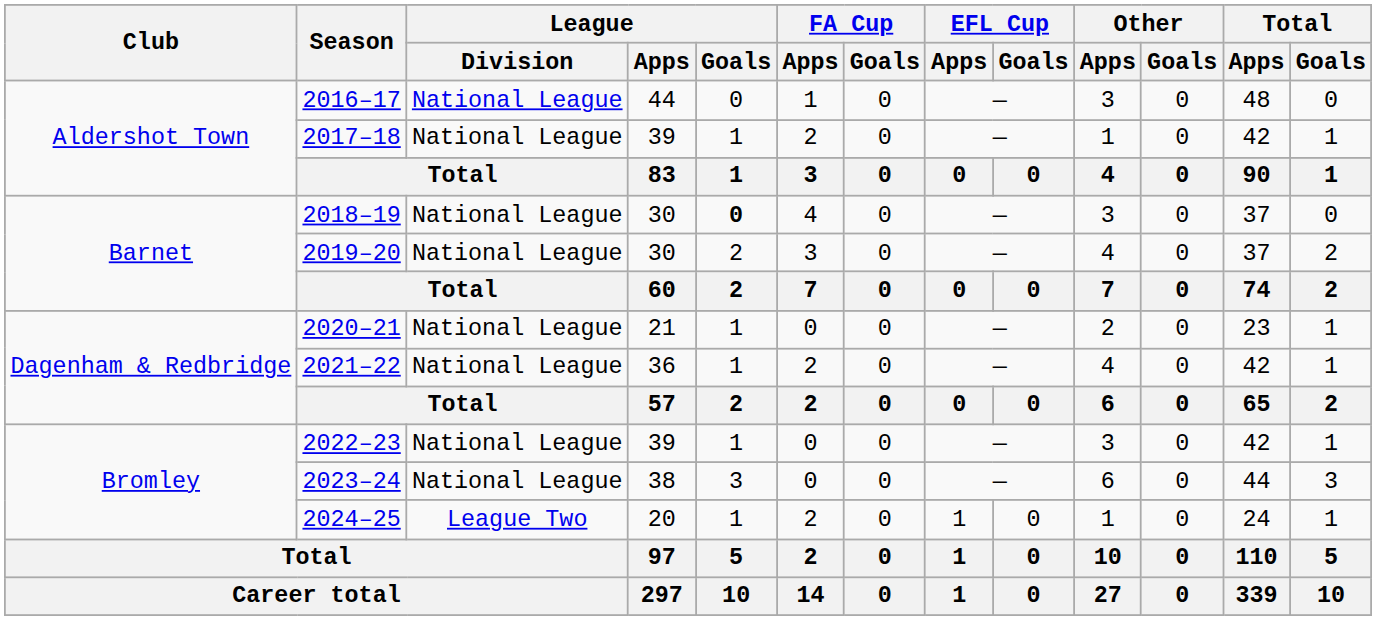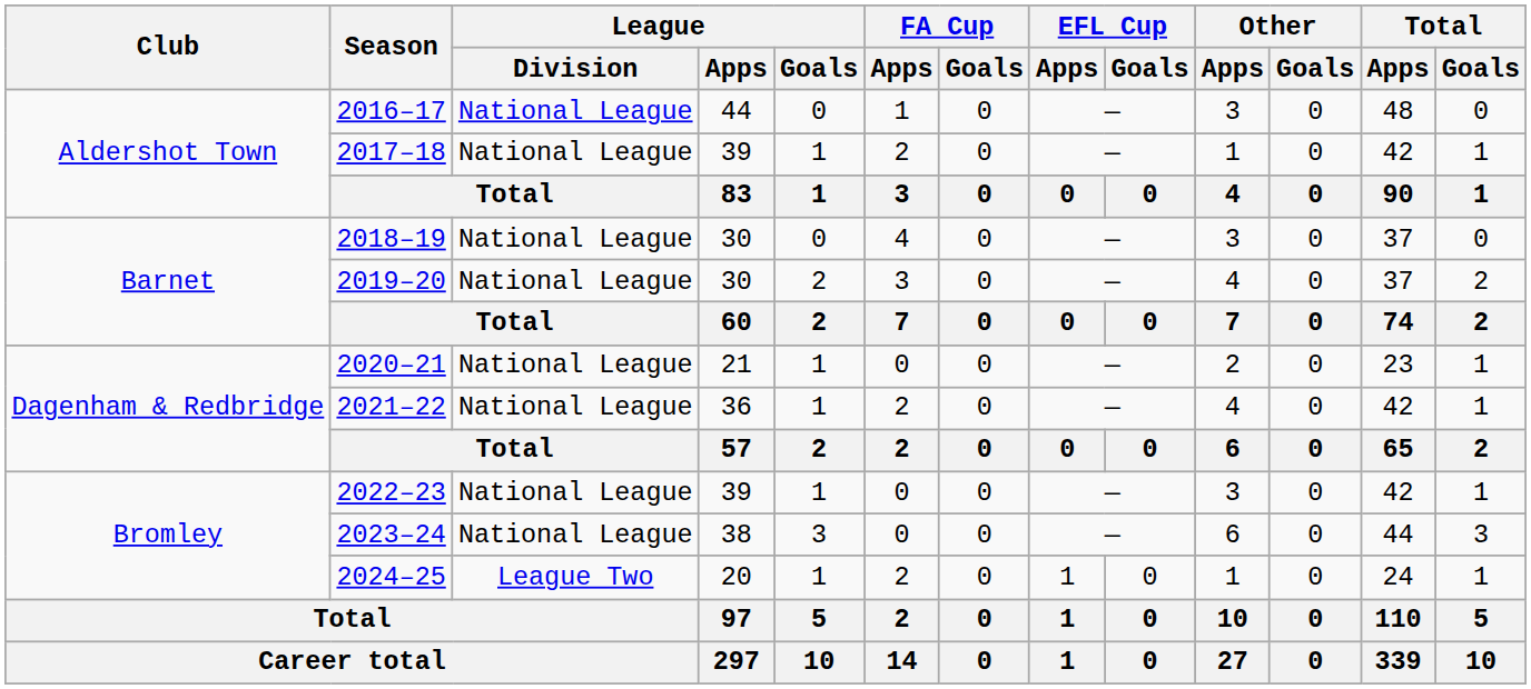 <table class="wikitable" style="text-align: center;">
 <tr>
 <th rowspan=2>Club</th>
 <th rowspan=2>Season</th>
 <th colspan=3>League</th>
 <th colspan=2><a href='#'>FA Cup</a></th>
 <th colspan=2><a href='#'>EFL Cup</a></th>
 <th colspan=2>Other</th>
 <th colspan=2>Total</th>
 </tr>
 <tr>
 <th>Division</th>
 <th>Apps</th>
 <th>Goals</th>
 <th>Apps</th>
 <th>Goals</th>
 <th>Apps</th>
 <th>Goals</th>
 <th>Apps</th>
 <th>Goals</th>
 <th>Apps</th>
 <th>Goals</th>
 </tr>
 <tr>
 <td rowspan="3"><a href='#'>Aldershot Town</a></td>
 <td><a href='#'>2016–17</a></td>
 <td><a href='#'>National League</a></td>
 <td>44</td>
 <td>0</td>
 <td>1</td>
 <td>0</td>
 <td colspan="2">—</td>
 <td>3</td>
 <td>0</td>
 <td>48</td>
 <td>0</td>
 </tr>
 <tr>
 <td><a href='#'>2017–18</a></td>
 <td>National League</td>
 <td>39</td>
 <td>1</td>
 <td>2</td>
 <td>0</td>
 <td colspan="2">—</td>
 <td>1</td>
 <td>0</td>
 <td>42</td>
 <td>1</td>
 </tr>
 <tr>
 <th colspan="2">Total</th>
 <th>83</th>
 <th>1</th>
 <th>3</th>
 <th>0</th>
 <th>0</th>
 <th>0</th>
 <th>4</th>
 <th>0</th>
 <th>90</th>
 <th>1</th>
 </tr>
 <tr>
 <td rowspan="3"><a href='#'>Barnet</a></td>
 <td><a href='#'>2018–19</a></td>
 <td>National League</td>
 <td>30</td>
-<td><strong>0</strong></td>
+<td>0</td>
 <td>4</td>
 <td>0</td>
 <td colspan="2">—</td>
 <td>3</td>
 <td>0</td>
 <td>37</td>
 <td>0</td>
 </tr>
 <tr>
 <td><a href='#'>2019–20</a></td>
 <td>National League</td>
 <td>30</td>
 <td>2</td>
 <td>3</td>
 <td>0</td>
 <td colspan="2">—</td>
 <td>4</td>
 <td>0</td>
 <td>37</td>
 <td>2</td>
 </tr>
 <tr>
 <th colspan="2">Total</th>
 <th>60</th>
 <th>2</th>
 <th>7</th>
 <th>0</th>
 <th>0</th>
 <th>0</th>
 <th>7</th>
 <th>0</th>
 <th>74</th>
 <th>2</th>
 </tr>
 <tr>
 <td rowspan="3"><a href='#'>Dagenham & Redbridge</a></td>
 <td><a href='#'>2020–21</a></td>
 <td>National League</td>
 <td>21</td>
 <td>1</td>
 <td>0</td>
 <td>0</td>
 <td colspan="2">—</td>
 <td>2</td>
 <td>0</td>
 <td>23</td>
 <td>1</td>
 </tr>
 <tr>
 <td><a href='#'>2021–22</a></td>
 <td>National League</td>
 <td>36</td>
 <td>1</td>
 <td>2</td>
 <td>0</td>
 <td colspan="2">—</td>
 <td>4</td>
 <td>0</td>
 <td>42</td>
 <td>1</td>
 </tr>
 <tr>
 <th colspan="2">Total</th>
 <th>57</th>
 <th>2</th>
 <th>2</th>
 <th>0</th>
 <th>0</th>
 <th>0</th>
 <th>6</th>
 <th>0</th>
 <th>65</th>
 <th>2</th>
 </tr>
 <tr>
 <td rowspan="3"><a href='#'>Bromley</a></td>
 <td><a href='#'>2022–23</a></td>
 <td>National League</td>
 <td>39</td>
 <td>1</td>
 <td>0</td>
 <td>0</td>
 <td colspan="2">—</td>
 <td>3</td>
 <td>0</td>
 <td>42</td>
 <td>1</td>
 </tr>
 <tr>
 <td><a href='#'>2023–24</a></td>
 <td>National League</td>
 <td>38</td>
 <td>3</td>
 <td>0</td>
 <td>0</td>
 <td colspan="2">—</td>
 <td>6</td>
 <td>0</td>
 <td>44</td>
 <td>3</td>
 </tr>
 <tr>
 <td><a href='#'>2024–25</a></td>
 <td><a href='#'>League Two</a></td>
 <td>20</td>
 <td>1</td>
 <td>2</td>
 <td>0</td>
 <td>1</td>
 <td>0</td>
 <td>1</td>
 <td>0</td>
 <td>24</td>
 <td>1</td>
 </tr>
 <tr>
 <th colspan="3">Total</th>
 <th>97</th>
 <th>5</th>
 <th>2</th>
 <th>0</th>
 <th>1</th>
 <th>0</th>
 <th>10</th>
 <th>0</th>
 <th>110</th>
 <th>5</th>
 </tr>
 <tr>
 <th colspan="3">Career total</th>
 <th>297</th>
 <th>10</th>
 <th>14</th>
 <th>0</th>
 <th>1</th>
 <th>0</th>
 <th>27</th>
 <th>0</th>
 <th>339</th>
 <th>10</th>
 </tr>
 </table>
